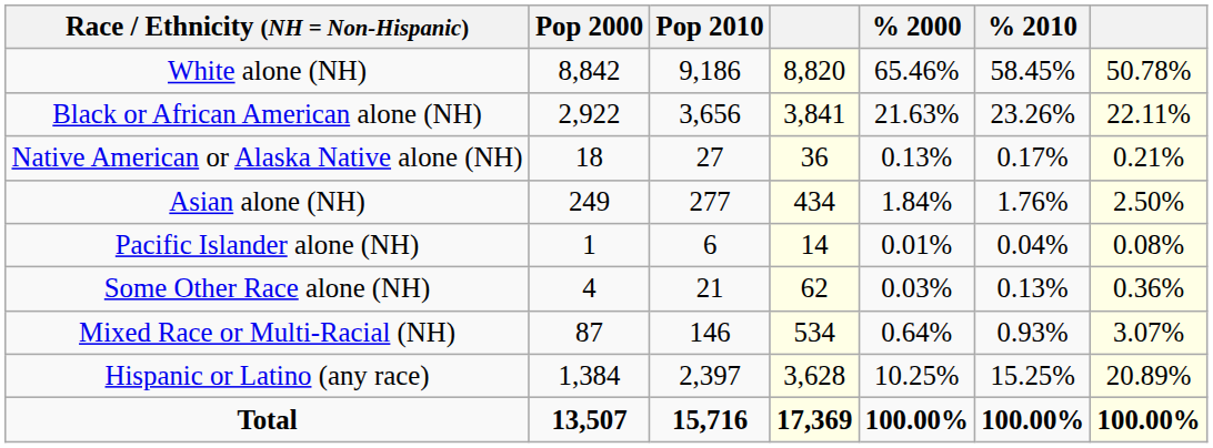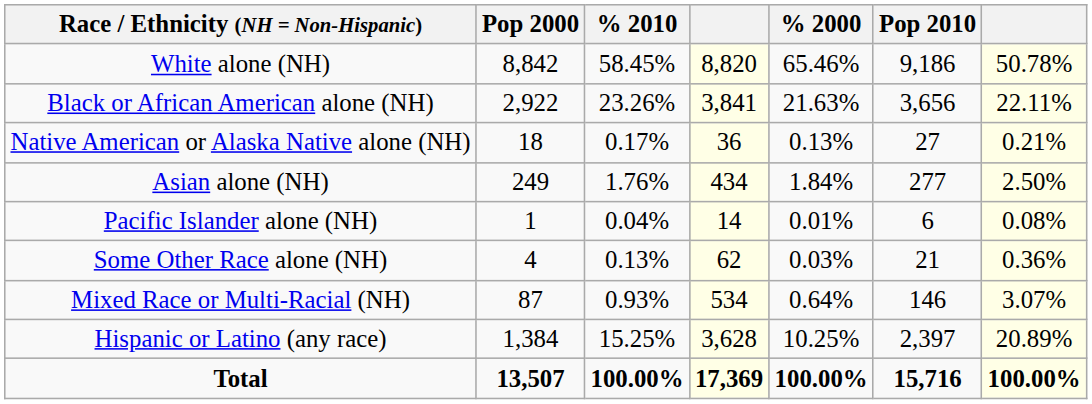 <table class="wikitable" style="text-align:center;">
 <tr>
 <th>Race / Ethnicity <small>(<em>NH = Non-Hispanic</em>)</small></th>
 <th>Pop 2000</th>
-<th>Pop 2010</th>
+<th>% 2010</th>
 <th></th>
 <th>% 2000</th>
-<th>% 2010</th>
+<th>Pop 2010</th>
 <th></th>
 </tr>
 <tr>
 <td><a href='#'>White</a> alone (NH)</td>
 <td>8,842</td>
-<td>9,186</td>
+<td>58.45%</td>
 <td style='background: #ffffe6;'>8,820</td>
 <td>65.46%</td>
-<td>58.45%</td>
+<td>9,186</td>
 <td style='background: #ffffe6;'>50.78%</td>
 </tr>
 <tr>
 <td><a href='#'>Black or African American</a> alone (NH)</td>
 <td>2,922</td>
-<td>3,656</td>
+<td>23.26%</td>
 <td style='background: #ffffe6;'>3,841</td>
 <td>21.63%</td>
-<td>23.26%</td>
+<td>3,656</td>
 <td style='background: #ffffe6;'>22.11%</td>
 </tr>
 <tr>
 <td><a href='#'>Native American</a> or <a href='#'>Alaska Native</a> alone (NH)</td>
 <td>18</td>
-<td>27</td>
+<td>0.17%</td>
 <td style='background: #ffffe6;'>36</td>
 <td>0.13%</td>
-<td>0.17%</td>
+<td>27</td>
 <td style='background: #ffffe6;'>0.21%</td>
 </tr>
 <tr>
 <td><a href='#'>Asian</a> alone (NH)</td>
 <td>249</td>
-<td>277</td>
+<td>1.76%</td>
 <td style='background: #ffffe6;'>434</td>
 <td>1.84%</td>
-<td>1.76%</td>
+<td>277</td>
 <td style='background: #ffffe6;'>2.50%</td>
 </tr>
 <tr>
 <td><a href='#'>Pacific Islander</a> alone (NH)</td>
 <td>1</td>
-<td>6</td>
+<td>0.04%</td>
 <td style='background: #ffffe6;'>14</td>
 <td>0.01%</td>
-<td>0.04%</td>
+<td>6</td>
 <td style='background: #ffffe6;'>0.08%</td>
 </tr>
 <tr>
 <td><a href='#'>Some Other Race</a> alone (NH)</td>
 <td>4</td>
-<td>21</td>
+<td>0.13%</td>
 <td style='background: #ffffe6;'>62</td>
 <td>0.03%</td>
-<td>0.13%</td>
+<td>21</td>
 <td style='background: #ffffe6;'>0.36%</td>
 </tr>
 <tr>
 <td><a href='#'>Mixed Race or Multi-Racial</a> (NH)</td>
 <td>87</td>
-<td>146</td>
+<td>0.93%</td>
 <td style='background: #ffffe6;'>534</td>
 <td>0.64%</td>
-<td>0.93%</td>
+<td>146</td>
 <td style='background: #ffffe6;'>3.07%</td>
 </tr>
 <tr>
 <td><a href='#'>Hispanic or Latino</a> (any race)</td>
 <td>1,384</td>
-<td>2,397</td>
+<td>15.25%</td>
 <td style='background: #ffffe6;'>3,628</td>
 <td>10.25%</td>
-<td>15.25%</td>
+<td>2,397</td>
 <td style='background: #ffffe6;'>20.89%</td>
 </tr>
 <tr>
 <td><strong>Total</strong></td>
 <td><strong>13,507</strong></td>
-<td><strong>15,716</strong></td>
+<td><strong>100.00%</strong></td>
 <td style='background: #ffffe6;'><strong>17,369</strong></td>
 <td><strong>100.00%</strong></td>
-<td><strong>100.00%</strong></td>
+<td><strong>15,716</strong></td>
 <td style='background: #ffffe6;'><strong>100.00%</strong></td>
 </tr>
 </table>
